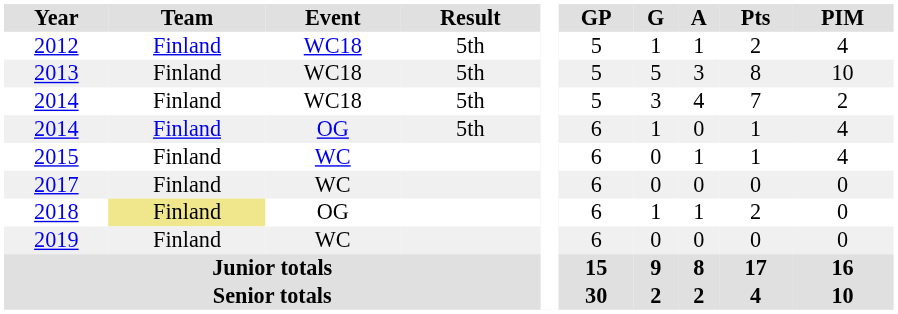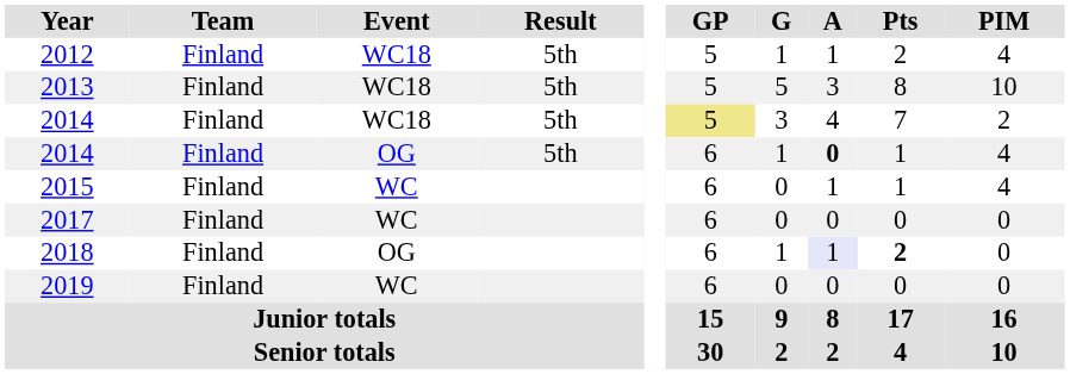 <table border="0" cellpadding="1" cellspacing="0" style="text-align:center; width:40em">
 <tr ALIGN="centre" bgcolor="#e0e0e0">
 <th>Year</th>
 <th>Team</th>
 <th>Event</th>
 <th>Result</th>
 <th rowspan="95" bgcolor="#ffffff"> </th>
 <th>GP</th>
 <th>G</th>
 <th>A</th>
 <th>Pts</th>
 <th>PIM</th>
 </tr>
 <tr>
 <td><a href='#'>2012</a></td>
 <td><a href='#'>Finland</a></td>
 <td><a href='#'>WC18</a></td>
 <td>5th</td>
 <td>5</td>
 <td>1</td>
 <td>1</td>
 <td>2</td>
 <td>4</td>
 </tr>
 <tr bgcolor="#f0f0f0">
 <td><a href='#'>2013</a></td>
 <td>Finland</td>
 <td>WC18</td>
 <td>5th</td>
 <td>5</td>
 <td>5</td>
 <td>3</td>
 <td>8</td>
 <td>10</td>
 </tr>
 <tr>
 <td><a href='#'>2014</a></td>
 <td>Finland</td>
 <td>WC18</td>
 <td>5th</td>
-<td>5</td>
+<td style="background: khaki;">5</td>
 <td>3</td>
 <td>4</td>
 <td>7</td>
 <td>2</td>
 </tr>
 <tr bgcolor="#f0f0f0">
 <td><a href='#'>2014</a></td>
 <td><a href='#'>Finland</a></td>
 <td><a href='#'>OG</a></td>
 <td>5th</td>
 <td>6</td>
 <td>1</td>
-<td>0</td>
+<td><strong>0</strong></td>
 <td>1</td>
 <td>4</td>
 </tr>
 <tr>
 <td><a href='#'>2015</a></td>
 <td>Finland</td>
 <td><a href='#'>WC</a></td>
 <td></td>
 <td>6</td>
 <td>0</td>
 <td>1</td>
 <td>1</td>
 <td>4</td>
 </tr>
 <tr bgcolor="#f0f0f0">
 <td><a href='#'>2017</a></td>
 <td>Finland</td>
 <td>WC</td>
 <td></td>
 <td>6</td>
 <td>0</td>
 <td>0</td>
 <td>0</td>
 <td>0</td>
 </tr>
 <tr>
 <td><a href='#'>2018</a></td>
-<td style="background: khaki;">Finland</td>
+<td>Finland</td>
 <td>OG</td>
 <td></td>
 <td>6</td>
 <td>1</td>
-<td>1</td>
-<td>2</td>
+<td style="background: lavender;">1</td>
+<td><strong>2</strong></td>
 <td>0</td>
 </tr>
 <tr bgcolor="#f0f0f0">
 <td><a href='#'>2019</a></td>
 <td>Finland</td>
 <td>WC</td>
 <td></td>
 <td>6</td>
 <td>0</td>
 <td>0</td>
 <td>0</td>
 <td>0</td>
 </tr>
 <tr align="centre" bgcolor="#e0e0e0">
 <th colspan="4">Junior totals</th>
 <th>15</th>
 <th>9</th>
 <th>8</th>
 <th>17</th>
 <th>16</th>
 </tr>
 <tr align="centre" bgcolor="#e0e0e0">
 <th colspan="4">Senior totals</th>
 <th>30</th>
 <th>2</th>
 <th>2</th>
 <th>4</th>
 <th>10</th>
 </tr>
 </table>
